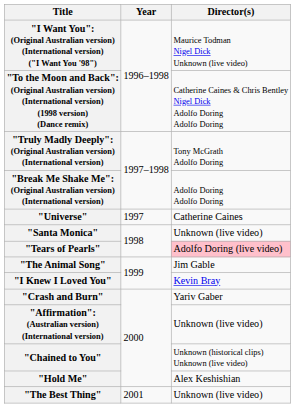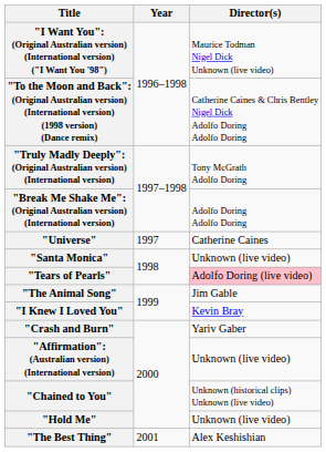 <table class="wikitable plainrowheaders">
 <tr>
 <th scope="col">Title</th>
 <th scope="col">Year</th>
 <th scope="col">Director(s)</th>
 </tr>
 <tr>
 <th scope="row">"I Want You": <br> <small>(Original Australian version) <br> (International version) <br> ("I Want You '98")</small></th>
 <td rowspan="2">1996–1998</td>
 <td style="vertical-align:bottom"><small>Maurice Todman <br> <a href='#'>Nigel Dick</a> <br> Unknown (live video)</small></td>
 </tr>
 <tr>
 <th scope="row">"To the Moon and Back": <br> <small>(Original Australian version) <br> (International version) <br> (1998 version) <br> (Dance remix)</small></th>
 <td style="vertical-align:bottom"><small>Catherine Caines & Chris Bentley <br> <a href='#'>Nigel Dick</a> <br> Adolfo Doring <br> Adolfo Doring</small></td>
 </tr>
 <tr>
 <th scope="row">"Truly Madly Deeply": <br> <small>(Original Australian version) <br> (International version)</small></th>
 <td rowspan="2">1997–1998</td>
 <td style="vertical-align:bottom"><small> Tony McGrath <br> Adolfo Doring</small></td>
 </tr>
 <tr>
 <th scope="row">"Break Me Shake Me": <br> <small>(Original Australian version) <br> (International version)</small></th>
 <td style="vertical-align:bottom"><small> Adolfo Doring <br> Adolfo Doring</small></td>
 </tr>
 <tr>
 <th scope="row">"Universe"</th>
 <td>1997</td>
 <td>Catherine Caines</td>
 </tr>
 <tr>
 <th scope="row">"Santa Monica"</th>
 <td rowspan="2">1998</td>
 <td>Unknown (live video)</td>
 </tr>
 <tr>
 <th scope="row">"Tears of Pearls"</th>
 <td style="background: pink;">Adolfo Doring (live video)</td>
 </tr>
 <tr>
 <th scope="row">"The Animal Song"</th>
 <td rowspan="2">1999</td>
 <td>Jim Gable</td>
 </tr>
 <tr>
 <th scope="row">"I Knew I Loved You"</th>
 <td><a href='#'>Kevin Bray</a></td>
 </tr>
 <tr>
 <th scope="row">"Crash and Burn"</th>
 <td rowspan="4">2000</td>
 <td>Yariv Gaber</td>
 </tr>
 <tr>
 <th scope="row">"Affirmation": <br> <small>(Australian version) <br> (International version)</small></th>
 <td>Unknown (live video)</td>
 </tr>
 <tr>
 <th scope="row">"Chained to You"</th>
 <td style="vertical-align:bottom"><small> Unknown (historical clips) <br> Unknown (live video)</small></td>
 </tr>
 <tr>
 <th scope="row">"Hold Me"</th>
-<td>Alex Keshishian</td>
+<td>Unknown (live video)</td>
 </tr>
 <tr>
 <th scope="row">"The Best Thing"</th>
 <td>2001</td>
-<td>Unknown (live video)</td>
+<td>Alex Keshishian</td>
 </tr>
 </table>
